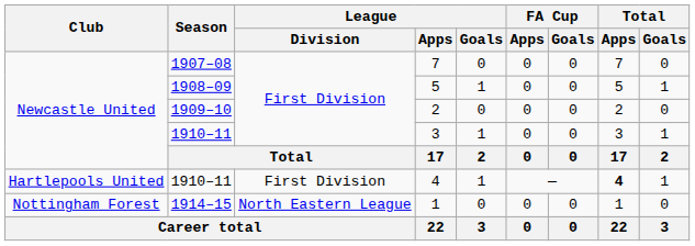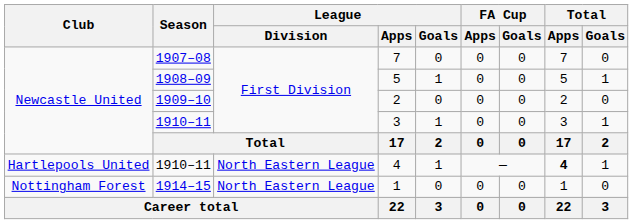 <table class="wikitable" style="text-align: center">
 <tr>
 <th rowspan="2">Club</th>
 <th rowspan="2">Season</th>
 <th colspan="3">League</th>
 <th colspan="2">FA Cup</th>
 <th colspan="2">Total</th>
 </tr>
 <tr>
 <th>Division</th>
 <th>Apps</th>
 <th>Goals</th>
 <th>Apps</th>
 <th>Goals</th>
 <th>Apps</th>
 <th>Goals</th>
 </tr>
 <tr>
 <td rowspan="5"><a href='#'>Newcastle United</a></td>
 <td><a href='#'>1907–08</a></td>
 <td rowspan="4"><a href='#'>First Division</a></td>
 <td>7</td>
 <td>0</td>
 <td>0</td>
 <td>0</td>
 <td>7</td>
 <td>0</td>
 </tr>
 <tr>
 <td><a href='#'>1908–09</a></td>
 <td>5</td>
 <td>1</td>
 <td>0</td>
 <td>0</td>
 <td>5</td>
 <td>1</td>
 </tr>
 <tr>
 <td><a href='#'>1909–10</a></td>
 <td>2</td>
 <td>0</td>
 <td>0</td>
 <td>0</td>
 <td>2</td>
 <td>0</td>
 </tr>
 <tr>
 <td><a href='#'>1910–11</a></td>
 <td>3</td>
 <td>1</td>
 <td>0</td>
 <td>0</td>
 <td>3</td>
 <td>1</td>
 </tr>
 <tr>
 <th colspan="2">Total</th>
 <th>17</th>
 <th>2</th>
 <th>0</th>
 <th>0</th>
 <th>17</th>
 <th>2</th>
 </tr>
 <tr>
 <td><a href='#'>Hartlepools United</a></td>
 <td>1910–11</td>
-<td>First Division</td>
+<td><a href='#'>North Eastern League</a></td>
 <td>4</td>
 <td>1</td>
 <td colspan="2">―</td>
 <td><strong>4</strong></td>
 <td>1</td>
 </tr>
 <tr>
 <td><a href='#'>Nottingham Forest</a></td>
 <td><a href='#'>1914–15</a></td>
 <td><a href='#'>North Eastern League</a></td>
 <td>1</td>
 <td>0</td>
 <td>0</td>
 <td>0</td>
 <td>1</td>
 <td>0</td>
 </tr>
 <tr>
 <th colspan="3">Career total</th>
 <th>22</th>
 <th>3</th>
 <th>0</th>
 <th>0</th>
 <th>22</th>
 <th>3</th>
 </tr>
 </table>
